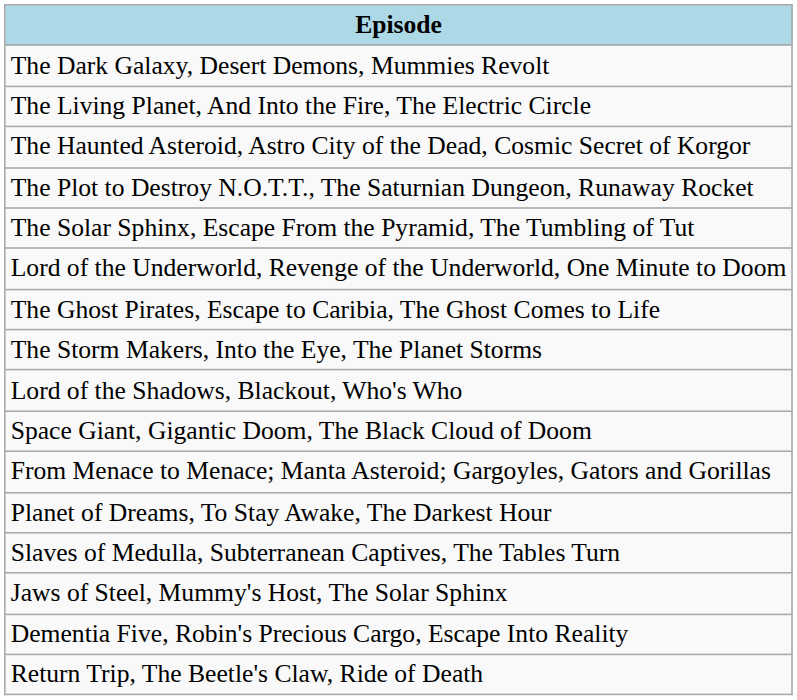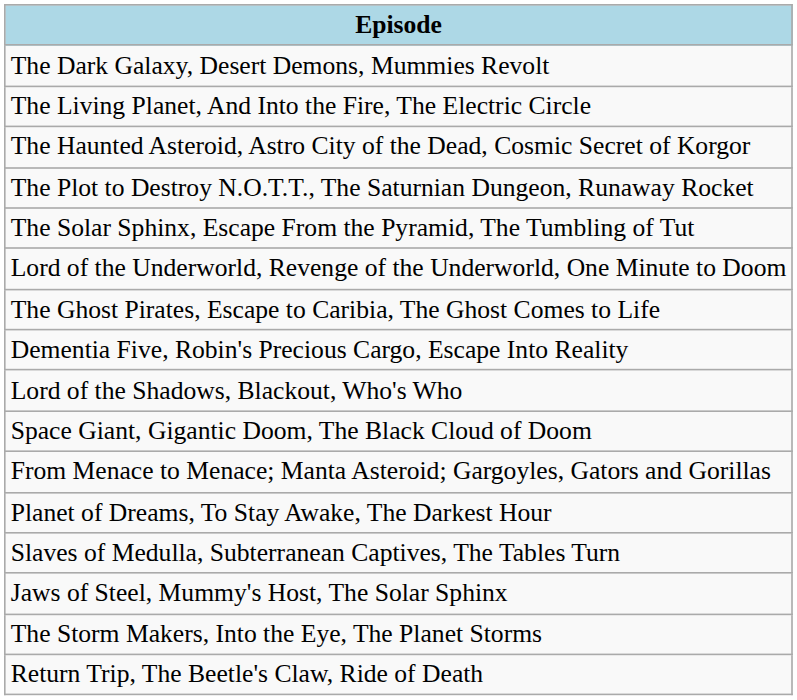 <table class="wikitable collapsible">
 <tr bgcolor="#add8e6">
 <th style="background-color:#ADD8E6;">Episode</th>
 </tr>
 <tr>
 <td>The Dark Galaxy, Desert Demons, Mummies Revolt</td>
 </tr>
 <tr>
 <td>The Living Planet, And Into the Fire, The Electric Circle</td>
 </tr>
 <tr>
 <td>The Haunted Asteroid, Astro City of the Dead, Cosmic Secret of Korgor</td>
 </tr>
 <tr>
 <td>The Plot to Destroy N.O.T.T., The Saturnian Dungeon, Runaway Rocket</td>
 </tr>
 <tr>
 <td>The Solar Sphinx, Escape From the Pyramid, The Tumbling of Tut</td>
 </tr>
 <tr>
 <td>Lord of the Underworld, Revenge of the Underworld, One Minute to Doom</td>
 </tr>
 <tr>
 <td>The Ghost Pirates, Escape to Caribia, The Ghost Comes to Life</td>
 </tr>
 <tr>
-<td>The Storm Makers, Into the Eye, The Planet Storms</td>
+<td>Dementia Five, Robin's Precious Cargo, Escape Into Reality</td>
 </tr>
 <tr>
 <td>Lord of the Shadows, Blackout, Who's Who</td>
 </tr>
 <tr>
 <td>Space Giant, Gigantic Doom, The Black Cloud of Doom</td>
 </tr>
 <tr>
 <td>From Menace to Menace; Manta Asteroid; Gargoyles, Gators and Gorillas</td>
 </tr>
 <tr>
 <td>Planet of Dreams, To Stay Awake, The Darkest Hour</td>
 </tr>
 <tr>
 <td>Slaves of Medulla, Subterranean Captives, The Tables Turn</td>
 </tr>
 <tr>
 <td>Jaws of Steel, Mummy's Host, The Solar Sphinx</td>
 </tr>
 <tr>
-<td>Dementia Five, Robin's Precious Cargo, Escape Into Reality</td>
+<td>The Storm Makers, Into the Eye, The Planet Storms</td>
 </tr>
 <tr>
 <td>Return Trip, The Beetle's Claw, Ride of Death</td>
 </tr>
 </table>
